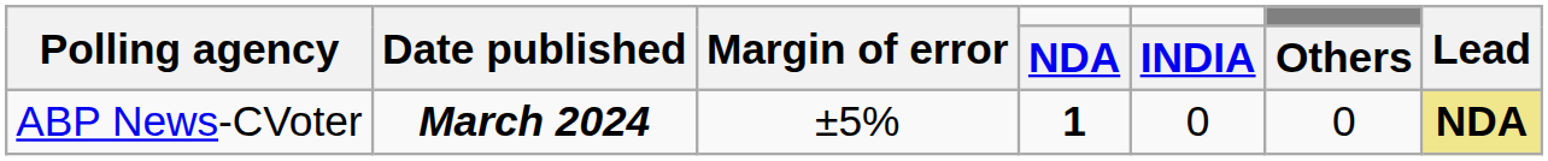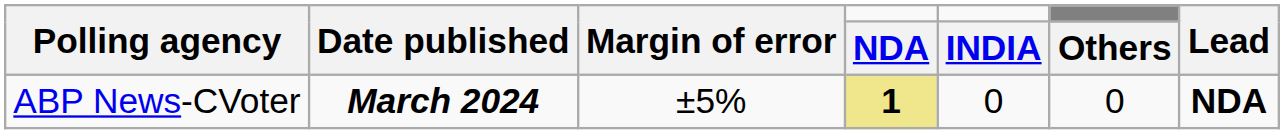 <table class="wikitable sortable" style="text-align:center;font-size:95%;line-height:16px">
 <tr>
 <th rowspan="2">Polling agency</th>
 <th rowspan="2">Date published</th>
 <th rowspan="2">Margin of error</th>
 <td></td>
 <td></td>
 <td bgcolor="grey"></td>
 <th rowspan="2">Lead</th>
 </tr>
 <tr>
 <th><a href='#'>NDA</a></th>
 <th><a href='#'>INDIA</a></th>
 <th>Others</th>
 </tr>
 <tr>
 <td><a href='#'>ABP News</a>-CVoter</td>
 <td><strong><em>March 2024</em></strong></td>
 <td>±5%</td>
-<td><strong>1</strong></td>
+<td style="background: khaki;"><strong>1</strong></td>
 <td>0</td>
 <td>0</td>
-<td style="background: khaki;"><strong>NDA</strong></td>
+<td><strong>NDA</strong></td>
 </tr>
 </table>
